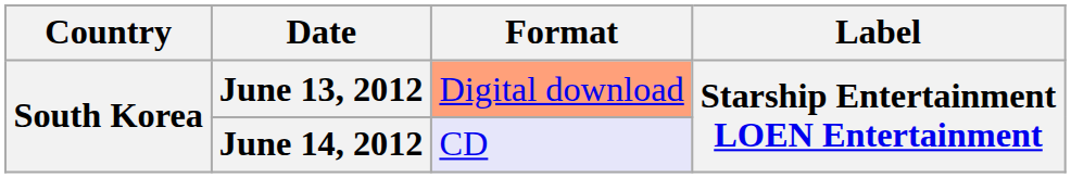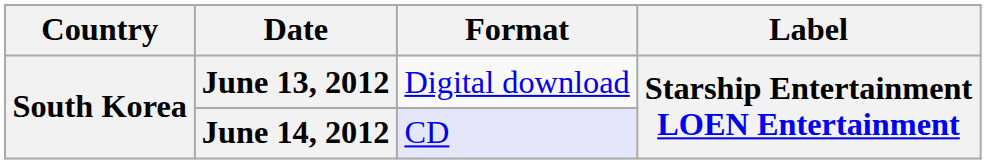 <table class="wikitable plainrowheaders">
 <tr>
 <th scope="col">Country</th>
 <th>Date</th>
 <th>Format</th>
 <th>Label</th>
 </tr>
 <tr>
 <th scope="row" rowspan="2">South Korea</th>
 <th scope="row" rowspan="1">June 13, 2012</th>
-<td style="background: lightsalmon;"><a href='#'>Digital download</a></td>
+<td><a href='#'>Digital download</a></td>
 <th scope="row" rowspan="2">Starship Entertainment<br><a href='#'>LOEN Entertainment</a></th>
 </tr>
 <tr>
 <th scope="row" rowspan="1">June 14, 2012</th>
 <td style="background: lavender;"><a href='#'>CD</a></td>
 </tr>
 </table>
